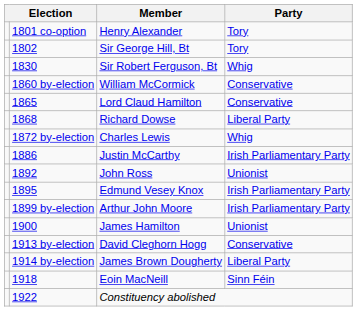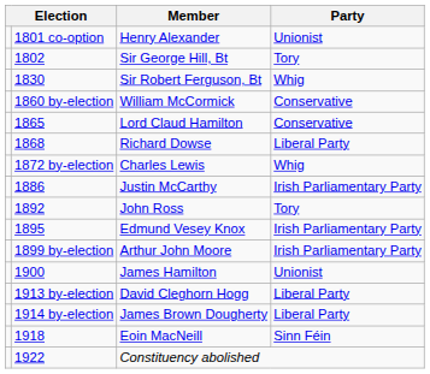 <table class="wikitable">
 <tr>
 <th colspan="2">Election</th>
 <th>Member</th>
 <th>Party</th>
 </tr>
 <tr>
 <td style="background-color: "></td>
 <td><a href='#'>1801 co-option</a></td>
 <td><a href='#'>Henry Alexander</a></td>
-<td><a href='#'>Tory</a></td>
+<td><a href='#'>Unionist</a></td>
 </tr>
 <tr>
 <td style="background-color: "></td>
 <td><a href='#'>1802</a></td>
 <td><a href='#'>Sir George Hill, Bt</a></td>
 <td><a href='#'>Tory</a></td>
 </tr>
 <tr>
 <td style="background-color: "></td>
 <td><a href='#'>1830</a></td>
 <td><a href='#'>Sir Robert Ferguson, Bt</a></td>
 <td><a href='#'>Whig</a></td>
 </tr>
 <tr>
 <td style="background-color: "></td>
 <td><a href='#'>1860 by-election</a></td>
 <td><a href='#'>William McCormick</a></td>
 <td><a href='#'>Conservative</a></td>
 </tr>
 <tr>
 <td style="background-color: "></td>
 <td><a href='#'>1865</a></td>
 <td><a href='#'>Lord Claud Hamilton</a></td>
 <td><a href='#'>Conservative</a></td>
 </tr>
 <tr>
 <td style="background-color: "></td>
 <td><a href='#'>1868</a></td>
 <td><a href='#'>Richard Dowse</a></td>
 <td><a href='#'>Liberal Party</a></td>
 </tr>
 <tr>
 <td style="background-color: "></td>
 <td><a href='#'>1872 by-election</a></td>
 <td><a href='#'>Charles Lewis</a></td>
 <td><a href='#'>Whig</a></td>
 </tr>
 <tr>
 <td style="background-color: "></td>
 <td><a href='#'>1886</a></td>
 <td><a href='#'>Justin McCarthy</a></td>
 <td><a href='#'>Irish Parliamentary Party</a></td>
 </tr>
 <tr>
 <td style="background-color: "></td>
 <td><a href='#'>1892</a></td>
 <td><a href='#'>John Ross</a></td>
-<td><a href='#'>Unionist</a></td>
+<td><a href='#'>Tory</a></td>
 </tr>
 <tr>
 <td style="background-color: "></td>
 <td><a href='#'>1895</a></td>
 <td><a href='#'>Edmund Vesey Knox</a></td>
 <td><a href='#'>Irish Parliamentary Party</a></td>
 </tr>
 <tr>
 <td style="background-color: "></td>
 <td><a href='#'>1899 by-election</a></td>
 <td><a href='#'>Arthur John Moore</a></td>
 <td><a href='#'>Irish Parliamentary Party</a></td>
 </tr>
 <tr>
 <td style="background-color: "></td>
 <td><a href='#'>1900</a></td>
 <td><a href='#'>James Hamilton</a></td>
 <td><a href='#'>Unionist</a></td>
 </tr>
 <tr>
 <td style="background-color: "></td>
 <td><a href='#'>1913 by-election</a></td>
 <td><a href='#'>David Cleghorn Hogg</a></td>
-<td><a href='#'>Conservative</a></td>
+<td><a href='#'>Liberal Party</a></td>
 </tr>
 <tr>
 <td style="background-color: "></td>
 <td><a href='#'>1914 by-election</a></td>
 <td><a href='#'>James Brown Dougherty</a></td>
 <td><a href='#'>Liberal Party</a></td>
 </tr>
 <tr>
 <td style="background-color: "></td>
 <td><a href='#'>1918</a></td>
 <td><a href='#'>Eoin MacNeill</a></td>
 <td><a href='#'>Sinn Féin</a></td>
 </tr>
 <tr>
 <td></td>
 <td><a href='#'>1922</a></td>
 <td colspan="2"><em>Constituency abolished</em></td>
 </tr>
 </table>
